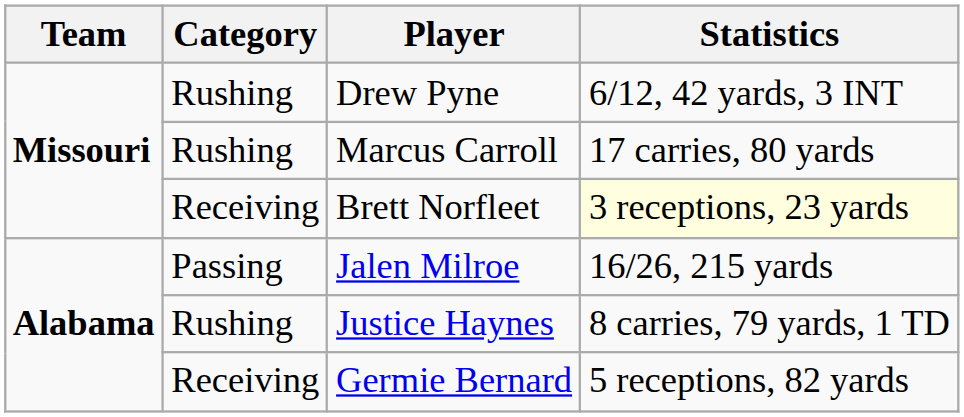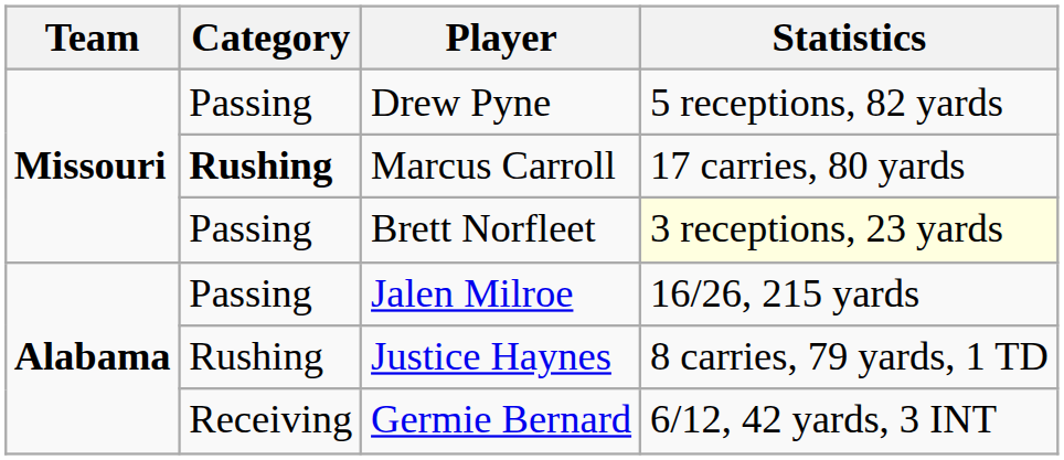 <table class="wikitable" style="float: right;">
 <tr>
 <th>Team</th>
 <th>Category</th>
 <th>Player</th>
 <th>Statistics</th>
 </tr>
 <tr>
 <td rowspan=3><strong>Missouri</strong></td>
-<td>Rushing</td>
+<td>Passing</td>
 <td>Drew Pyne</td>
-<td>6/12, 42 yards, 3 INT</td>
+<td>5 receptions, 82 yards</td>
 </tr>
 <tr>
-<td>Rushing</td>
+<td><strong>Rushing</strong></td>
 <td>Marcus Carroll</td>
 <td>17 carries, 80 yards</td>
 </tr>
 <tr>
-<td>Receiving</td>
+<td>Passing</td>
 <td>Brett Norfleet</td>
 <td style="background: lightyellow;">3 receptions, 23 yards</td>
 </tr>
 <tr>
 <td rowspan=3><strong>Alabama</strong></td>
 <td>Passing</td>
 <td><a href='#'>Jalen Milroe</a></td>
 <td>16/26, 215 yards</td>
 </tr>
 <tr>
 <td>Rushing</td>
 <td><a href='#'>Justice Haynes</a></td>
 <td>8 carries, 79 yards, 1 TD</td>
 </tr>
 <tr>
 <td>Receiving</td>
 <td><a href='#'>Germie Bernard</a></td>
-<td>5 receptions, 82 yards</td>
+<td>6/12, 42 yards, 3 INT</td>
 </tr>
 </table>
